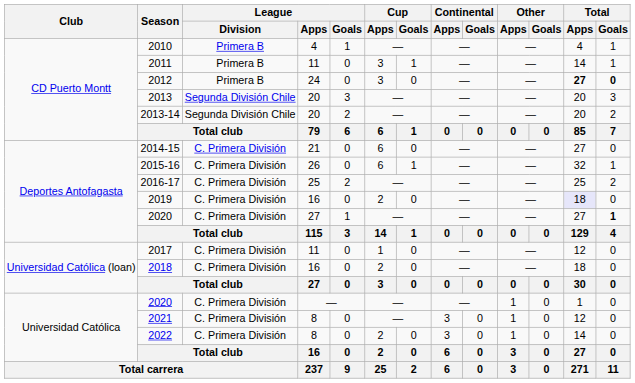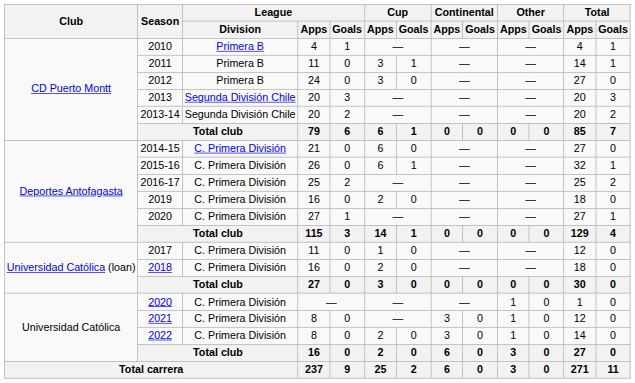 <table class="wikitable" style="text-align: center;">
 <tr>
 <th rowspan="2">Club</th>
 <th rowspan="2">Season</th>
 <th colspan="3">League</th>
 <th colspan="2">Cup</th>
 <th colspan="2">Continental</th>
 <th colspan="2">Other</th>
 <th colspan="2">Total</th>
 </tr>
 <tr>
 <th>Division</th>
 <th>Apps</th>
 <th>Goals</th>
 <th>Apps</th>
 <th>Goals</th>
 <th>Apps</th>
 <th>Goals</th>
 <th>Apps</th>
 <th>Goals</th>
 <th>Apps</th>
 <th>Goals</th>
 </tr>
 <tr>
 <td rowspan="6"><a href='#'>CD Puerto Montt</a></td>
 <td>2010</td>
 <td><a href='#'>Primera B</a></td>
 <td>4</td>
 <td>1</td>
 <td colspan="2">—</td>
 <td colspan="2">—</td>
 <td colspan="2">—</td>
 <td>4</td>
 <td>1</td>
 </tr>
 <tr>
 <td>2011</td>
 <td>Primera B</td>
 <td>11</td>
 <td>0</td>
 <td>3</td>
 <td>1</td>
 <td colspan="2">—</td>
 <td colspan="2">—</td>
 <td>14</td>
 <td>1</td>
 </tr>
 <tr>
 <td>2012</td>
 <td>Primera B</td>
 <td>24</td>
 <td>0</td>
 <td>3</td>
 <td>0</td>
 <td colspan="2">—</td>
 <td colspan="2">—</td>
-<td><strong>27</strong></td>
-<td><strong>0</strong></td>
+<td>27</td>
+<td>0</td>
 </tr>
 <tr>
 <td>2013</td>
 <td><a href='#'>Segunda División Chile</a></td>
 <td>20</td>
 <td>3</td>
 <td colspan="2">—</td>
 <td colspan="2">—</td>
 <td colspan="2">—</td>
 <td>20</td>
 <td>3</td>
 </tr>
 <tr>
 <td>2013-14</td>
 <td>Segunda División Chile</td>
 <td>20</td>
 <td>2</td>
 <td colspan="2">—</td>
 <td colspan="2">—</td>
 <td colspan="2">—</td>
 <td>20</td>
 <td>2</td>
 </tr>
 <tr>
 <th colspan="2">Total club</th>
 <th>79</th>
 <th>6</th>
 <th>6</th>
 <th>1</th>
 <th>0</th>
 <th>0</th>
 <th>0</th>
 <th>0</th>
 <th>85</th>
 <th>7</th>
 </tr>
 <tr>
 <td rowspan="6"><a href='#'>Deportes Antofagasta</a></td>
 <td>2014-15</td>
 <td><a href='#'>C. Primera División</a></td>
 <td>21</td>
 <td>0</td>
 <td>6</td>
 <td>0</td>
 <td colspan="2">—</td>
 <td colspan="2">—</td>
 <td>27</td>
 <td>0</td>
 </tr>
 <tr>
 <td>2015-16</td>
 <td>C. Primera División</td>
 <td>26</td>
 <td>0</td>
 <td>6</td>
 <td>1</td>
 <td colspan="2">—</td>
 <td colspan="2">—</td>
 <td>32</td>
 <td>1</td>
 </tr>
 <tr>
 <td>2016-17</td>
 <td>C. Primera División</td>
 <td>25</td>
 <td>2</td>
 <td colspan="2">—</td>
 <td colspan="2">—</td>
 <td colspan="2">—</td>
 <td>25</td>
 <td>2</td>
 </tr>
 <tr>
 <td>2019</td>
 <td>C. Primera División</td>
 <td>16</td>
 <td>0</td>
 <td>2</td>
 <td>0</td>
 <td colspan="2">—</td>
 <td colspan="2">—</td>
-<td style="background: lavender;">18</td>
+<td>18</td>
 <td>0</td>
 </tr>
 <tr>
 <td>2020</td>
 <td>C. Primera División</td>
 <td>27</td>
 <td>1</td>
 <td colspan="2">—</td>
 <td colspan="2">—</td>
 <td colspan="2">—</td>
 <td>27</td>
-<td><strong>1</strong></td>
+<td>1</td>
 </tr>
 <tr>
 <th colspan="2">Total club</th>
 <th>115</th>
 <th>3</th>
 <th>14</th>
 <th>1</th>
 <th>0</th>
 <th>0</th>
 <th>0</th>
 <th>0</th>
 <th>129</th>
 <th>4</th>
 </tr>
 <tr>
 <td rowspan="3"><a href='#'>Universidad Católica</a> (loan)</td>
 <td>2017</td>
 <td>C. Primera División</td>
 <td>11</td>
 <td>0</td>
 <td>1</td>
 <td>0</td>
 <td colspan="2">—</td>
 <td colspan="2">—</td>
 <td>12</td>
 <td>0</td>
 </tr>
 <tr>
 <td><a href='#'>2018</a></td>
 <td>C. Primera División</td>
 <td>16</td>
 <td>0</td>
 <td>2</td>
 <td>0</td>
 <td colspan="2">—</td>
 <td colspan="2">—</td>
 <td>18</td>
 <td>0</td>
 </tr>
 <tr>
 <th colspan="2">Total club</th>
 <th>27</th>
 <th>0</th>
 <th>3</th>
 <th>0</th>
 <th>0</th>
 <th>0</th>
 <th>0</th>
 <th>0</th>
 <th>30</th>
 <th>0</th>
 </tr>
 <tr>
 <td rowspan="4">Universidad Católica</td>
 <td><a href='#'>2020</a></td>
 <td>C. Primera División</td>
 <td colspan="2">—</td>
 <td colspan="2">—</td>
 <td colspan="2">—</td>
 <td>1</td>
 <td>0</td>
 <td>1</td>
 <td>0</td>
 </tr>
 <tr>
 <td><a href='#'>2021</a></td>
 <td>C. Primera División</td>
 <td>8</td>
 <td>0</td>
 <td colspan="2">—</td>
 <td>3</td>
 <td>0</td>
 <td>1</td>
 <td>0</td>
 <td>12</td>
 <td>0</td>
 </tr>
 <tr>
 <td><a href='#'>2022</a></td>
 <td>C. Primera División</td>
 <td>8</td>
 <td>0</td>
 <td>2</td>
 <td>0</td>
 <td>3</td>
 <td>0</td>
 <td>1</td>
 <td>0</td>
 <td>14</td>
 <td>0</td>
 </tr>
 <tr>
 <th colspan="2">Total club</th>
 <th>16</th>
 <th>0</th>
 <th>2</th>
 <th>0</th>
 <th>6</th>
 <th>0</th>
 <th>3</th>
 <th>0</th>
 <th>27</th>
 <th>0</th>
 </tr>
 <tr>
 <th colspan="3">Total carrera</th>
 <th>237</th>
 <th>9</th>
 <th>25</th>
 <th>2</th>
 <th>6</th>
 <th>0</th>
 <th>3</th>
 <th>0</th>
 <th>271</th>
 <th>11</th>
 </tr>
 </table>
